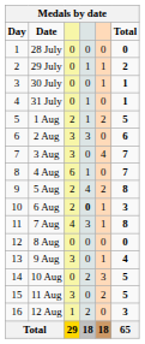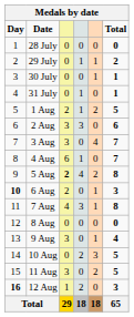 <table class="wikitable" style="font-size:85%; text-align:center;">
 <tr style="background:#efefef;">
 <th colspan=6>Medals by date</th>
 </tr>
 <tr>
 <td><strong>Day</strong></td>
 <td><strong>Date</strong></td>
 <td style="background:#F7F6A8;"></td>
 <td style="background:#DCE5E5;"></td>
 <td style="background:#FFDAB9;"></td>
 <td><strong>Total</strong></td>
 </tr>
 <tr>
 <td>1</td>
 <td>28 July</td>
 <td style="background:#F7F6A8;">0</td>
 <td style="background:#DCE5E5;">0</td>
 <td style="background:#FFDAB9;">0</td>
 <td><strong>0</strong></td>
 </tr>
 <tr>
 <td>2</td>
 <td>29 July</td>
 <td style="background:#F7F6A8;">0</td>
 <td style="background:#DCE5E5;">1</td>
 <td style="background:#FFDAB9;">1</td>
 <td><strong>2</strong></td>
 </tr>
 <tr>
 <td>3</td>
 <td>30 July</td>
 <td style="background:#F7F6A8;">0</td>
 <td style="background:#DCE5E5;">0</td>
 <td style="background:#FFDAB9;">1</td>
 <td><strong>1</strong></td>
 </tr>
 <tr>
 <td>4</td>
 <td>31 July</td>
 <td style="background:#F7F6A8;">0</td>
 <td style="background:#DCE5E5;">1</td>
 <td style="background:#FFDAB9;">0</td>
 <td><strong>1</strong></td>
 </tr>
 <tr>
 <td>5</td>
 <td>1 Aug</td>
 <td style="background:#F7F6A8;">2</td>
 <td style="background:#DCE5E5;">1</td>
 <td style="background:#FFDAB9;">2</td>
 <td><strong>5</strong></td>
 </tr>
 <tr>
 <td>6</td>
 <td>2 Aug</td>
 <td style="background:#F7F6A8;">3</td>
 <td style="background:#DCE5E5;">3</td>
 <td style="background:#FFDAB9;">0</td>
 <td><strong>6</strong></td>
 </tr>
 <tr>
 <td>7</td>
 <td>3 Aug</td>
 <td style="background:#F7F6A8;">3</td>
 <td style="background:#DCE5E5;">0</td>
 <td style="background:#FFDAB9;">4</td>
 <td><strong>7</strong></td>
 </tr>
 <tr>
 <td>8</td>
 <td>4 Aug</td>
 <td style="background:#F7F6A8;">6</td>
 <td style="background:#DCE5E5;">1</td>
 <td style="background:#FFDAB9;">0</td>
 <td><strong>7</strong></td>
 </tr>
 <tr>
 <td>9</td>
 <td>5 Aug</td>
-<td style="background:#F7F6A8;">2</td>
+<td style="background:#F7F6A8;"><strong>2</strong></td>
 <td style="background:#DCE5E5;">4</td>
 <td style="background:#FFDAB9;">2</td>
 <td><strong>8</strong></td>
 </tr>
 <tr>
-<td>10</td>
+<td><strong>10</strong></td>
 <td>6 Aug</td>
 <td style="background:#F7F6A8;">2</td>
-<td style="background:#DCE5E5;"><strong>0</strong></td>
+<td style="background:#DCE5E5;">0</td>
 <td style="background:#FFDAB9;">1</td>
 <td><strong>3</strong></td>
 </tr>
 <tr>
 <td>11</td>
 <td>7 Aug</td>
 <td style="background:#F7F6A8;">4</td>
 <td style="background:#DCE5E5;">3</td>
 <td style="background:#FFDAB9;">1</td>
 <td><strong>8</strong></td>
 </tr>
 <tr>
 <td>12</td>
 <td>8 Aug</td>
 <td style="background:#F7F6A8;">0</td>
 <td style="background:#DCE5E5;">0</td>
 <td style="background:#FFDAB9;">0</td>
 <td><strong>0</strong></td>
 </tr>
 <tr>
 <td>13</td>
 <td>9 Aug</td>
 <td style="background:#F7F6A8;">3</td>
 <td style="background:#DCE5E5;">0</td>
 <td style="background:#FFDAB9;">1</td>
 <td><strong>4</strong></td>
 </tr>
 <tr>
 <td>14</td>
 <td>10 Aug</td>
 <td style="background:#F7F6A8;">0</td>
 <td style="background:#DCE5E5;">2</td>
 <td style="background:#FFDAB9;">3</td>
 <td><strong>5</strong></td>
 </tr>
 <tr>
 <td>15</td>
 <td>11 Aug</td>
 <td style="background:#F7F6A8;">3</td>
 <td style="background:#DCE5E5;">0</td>
 <td style="background:#FFDAB9;">2</td>
 <td><strong>5</strong></td>
 </tr>
 <tr>
-<td>16</td>
+<td><strong>16</strong></td>
 <td>12 Aug</td>
 <td style="background:#F7F6A8;">1</td>
 <td style="background:#DCE5E5;">2</td>
 <td style="background:#FFDAB9;">0</td>
 <td><strong>3</strong></td>
 </tr>
 <tr>
 <th colspan="2">Total</th>
 <th style="background:gold;">29</th>
 <th style="background:silver;">18</th>
 <th style="background:#c96;">18</th>
 <th>65</th>
 </tr>
 </table>
